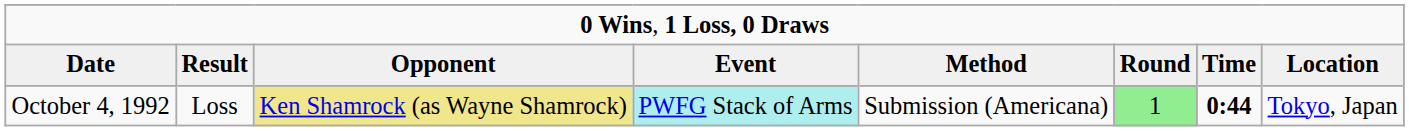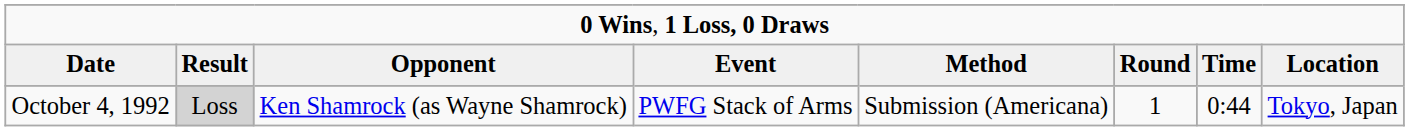 <table class="wikitable" style="margin:0.5em auto; font-size:85%; text-align:center;">
 <tr>
 <td style="text-align: center" colspan=9><strong>0 Wins</strong>, <strong>1 Loss, 0 Draws</strong></td>
 </tr>
 <tr style="text-align:center; background:#f0f0f0;">
 <td style="border-style:none none solid solid; "><strong>Date</strong></td>
 <td style="border-style:none none solid solid; "><strong>Result</strong></td>
 <td style="border-style:none none solid solid; "><strong>Opponent</strong></td>
 <td style="border-style:none none solid solid; "><strong>Event</strong></td>
 <td style="border-style:none none solid solid; "><strong>Method</strong></td>
 <td style="border-style:none none solid solid; "><strong>Round</strong></td>
 <td style="border-style:none none solid solid; "><strong>Time</strong></td>
 <td style="border-style:none none solid solid; "><strong>Location</strong></td>
 </tr>
 <tr>
 <td>October 4, 1992</td>
-<td>Loss</td>
-<td style="background: khaki;"> <a href='#'>Ken Shamrock</a> (as Wayne Shamrock)</td>
-<td style="background: paleturquoise;"><a href='#'>PWFG</a> Stack of Arms</td>
+<td style="background: lightgrey;">Loss</td>
+<td> <a href='#'>Ken Shamrock</a> (as Wayne Shamrock)</td>
+<td><a href='#'>PWFG</a> Stack of Arms</td>
 <td>Submission (Americana)</td>
-<td style="background: lightgreen;">1</td>
-<td><strong>0:44</strong></td>
+<td>1</td>
+<td>0:44</td>
 <td> <a href='#'>Tokyo</a>, Japan</td>
 </tr>
 </table>
